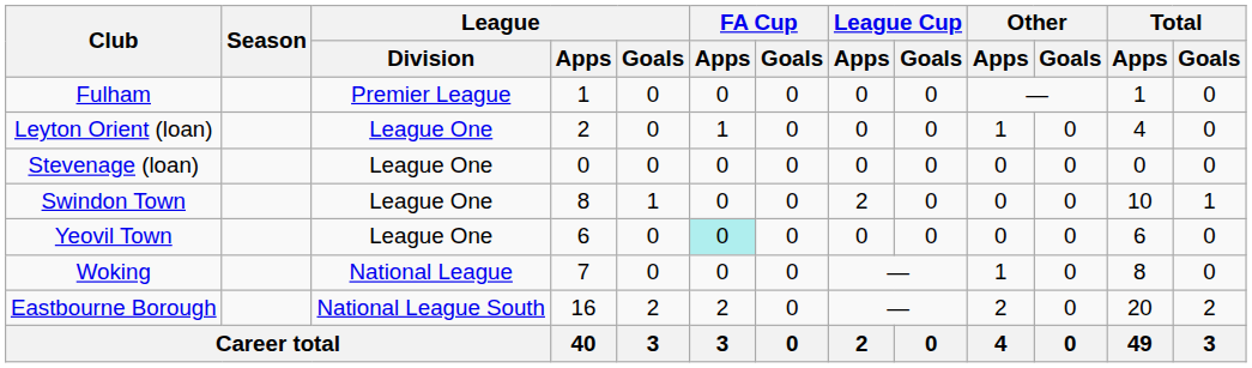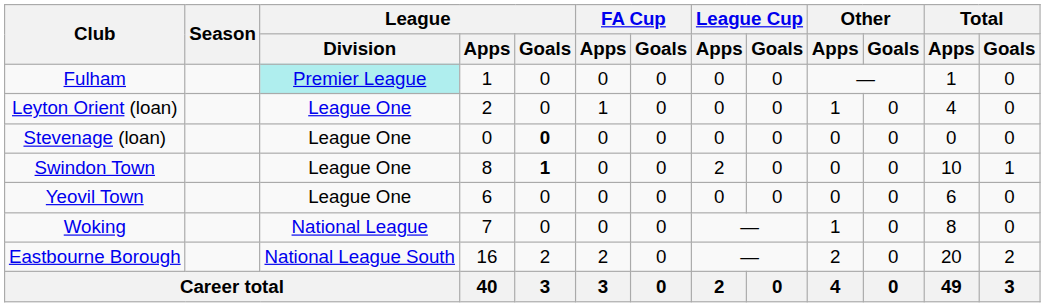 <table class="wikitable" style="text-align: center;">
 <tr>
 <th rowspan="2">Club</th>
 <th rowspan="2">Season</th>
 <th colspan="3">League</th>
 <th colspan="2"><a href='#'>FA Cup</a></th>
 <th colspan="2"><a href='#'>League Cup</a></th>
 <th colspan="2">Other</th>
 <th colspan="2">Total</th>
 </tr>
 <tr>
 <th>Division</th>
 <th>Apps</th>
 <th>Goals</th>
 <th>Apps</th>
 <th>Goals</th>
 <th>Apps</th>
 <th>Goals</th>
 <th>Apps</th>
 <th>Goals</th>
 <th>Apps</th>
 <th>Goals</th>
 </tr>
 <tr>
 <td valign="center"><a href='#'>Fulham</a></td>
 <td></td>
-<td><a href='#'>Premier League</a></td>
+<td style="background: paleturquoise;"><a href='#'>Premier League</a></td>
 <td>1</td>
 <td>0</td>
 <td>0</td>
 <td>0</td>
 <td>0</td>
 <td>0</td>
 <td colspan="2">—</td>
 <td>1</td>
 <td>0</td>
 </tr>
 <tr>
 <td valign="center"><a href='#'>Leyton Orient</a> (loan)</td>
 <td></td>
 <td><a href='#'>League One</a></td>
 <td>2</td>
 <td>0</td>
 <td>1</td>
 <td>0</td>
 <td>0</td>
 <td>0</td>
 <td>1</td>
 <td>0</td>
 <td>4</td>
 <td>0</td>
 </tr>
 <tr>
 <td valign="center"><a href='#'>Stevenage</a> (loan)</td>
 <td></td>
 <td>League One</td>
 <td>0</td>
-<td>0</td>
+<td><strong>0</strong></td>
 <td>0</td>
 <td>0</td>
 <td>0</td>
 <td>0</td>
 <td>0</td>
 <td>0</td>
 <td>0</td>
 <td>0</td>
 </tr>
 <tr>
 <td valign="center"><a href='#'>Swindon Town</a></td>
 <td></td>
 <td>League One</td>
 <td>8</td>
-<td>1</td>
+<td><strong>1</strong></td>
 <td>0</td>
 <td>0</td>
 <td>2</td>
 <td>0</td>
 <td>0</td>
 <td>0</td>
 <td>10</td>
 <td>1</td>
 </tr>
 <tr>
 <td valign="center"><a href='#'>Yeovil Town</a></td>
 <td></td>
 <td>League One</td>
 <td>6</td>
 <td>0</td>
-<td style="background: paleturquoise;">0</td>
+<td>0</td>
 <td>0</td>
 <td>0</td>
 <td>0</td>
 <td>0</td>
 <td>0</td>
 <td>6</td>
 <td>0</td>
 </tr>
 <tr>
 <td valign="center"><a href='#'>Woking</a></td>
 <td></td>
 <td><a href='#'>National League</a></td>
 <td>7</td>
 <td>0</td>
 <td>0</td>
 <td>0</td>
 <td colspan="2">—</td>
 <td>1</td>
 <td>0</td>
 <td>8</td>
 <td>0</td>
 </tr>
 <tr>
 <td valign="center"><a href='#'>Eastbourne Borough</a></td>
 <td></td>
 <td><a href='#'>National League South</a></td>
 <td>16</td>
 <td>2</td>
 <td>2</td>
 <td>0</td>
 <td colspan="2">—</td>
 <td>2</td>
 <td>0</td>
 <td>20</td>
 <td>2</td>
 </tr>
 <tr>
 <th colspan="3">Career total</th>
 <th>40</th>
 <th>3</th>
 <th>3</th>
 <th>0</th>
 <th>2</th>
 <th>0</th>
 <th>4</th>
 <th>0</th>
 <th>49</th>
 <th>3</th>
 </tr>
 </table>
